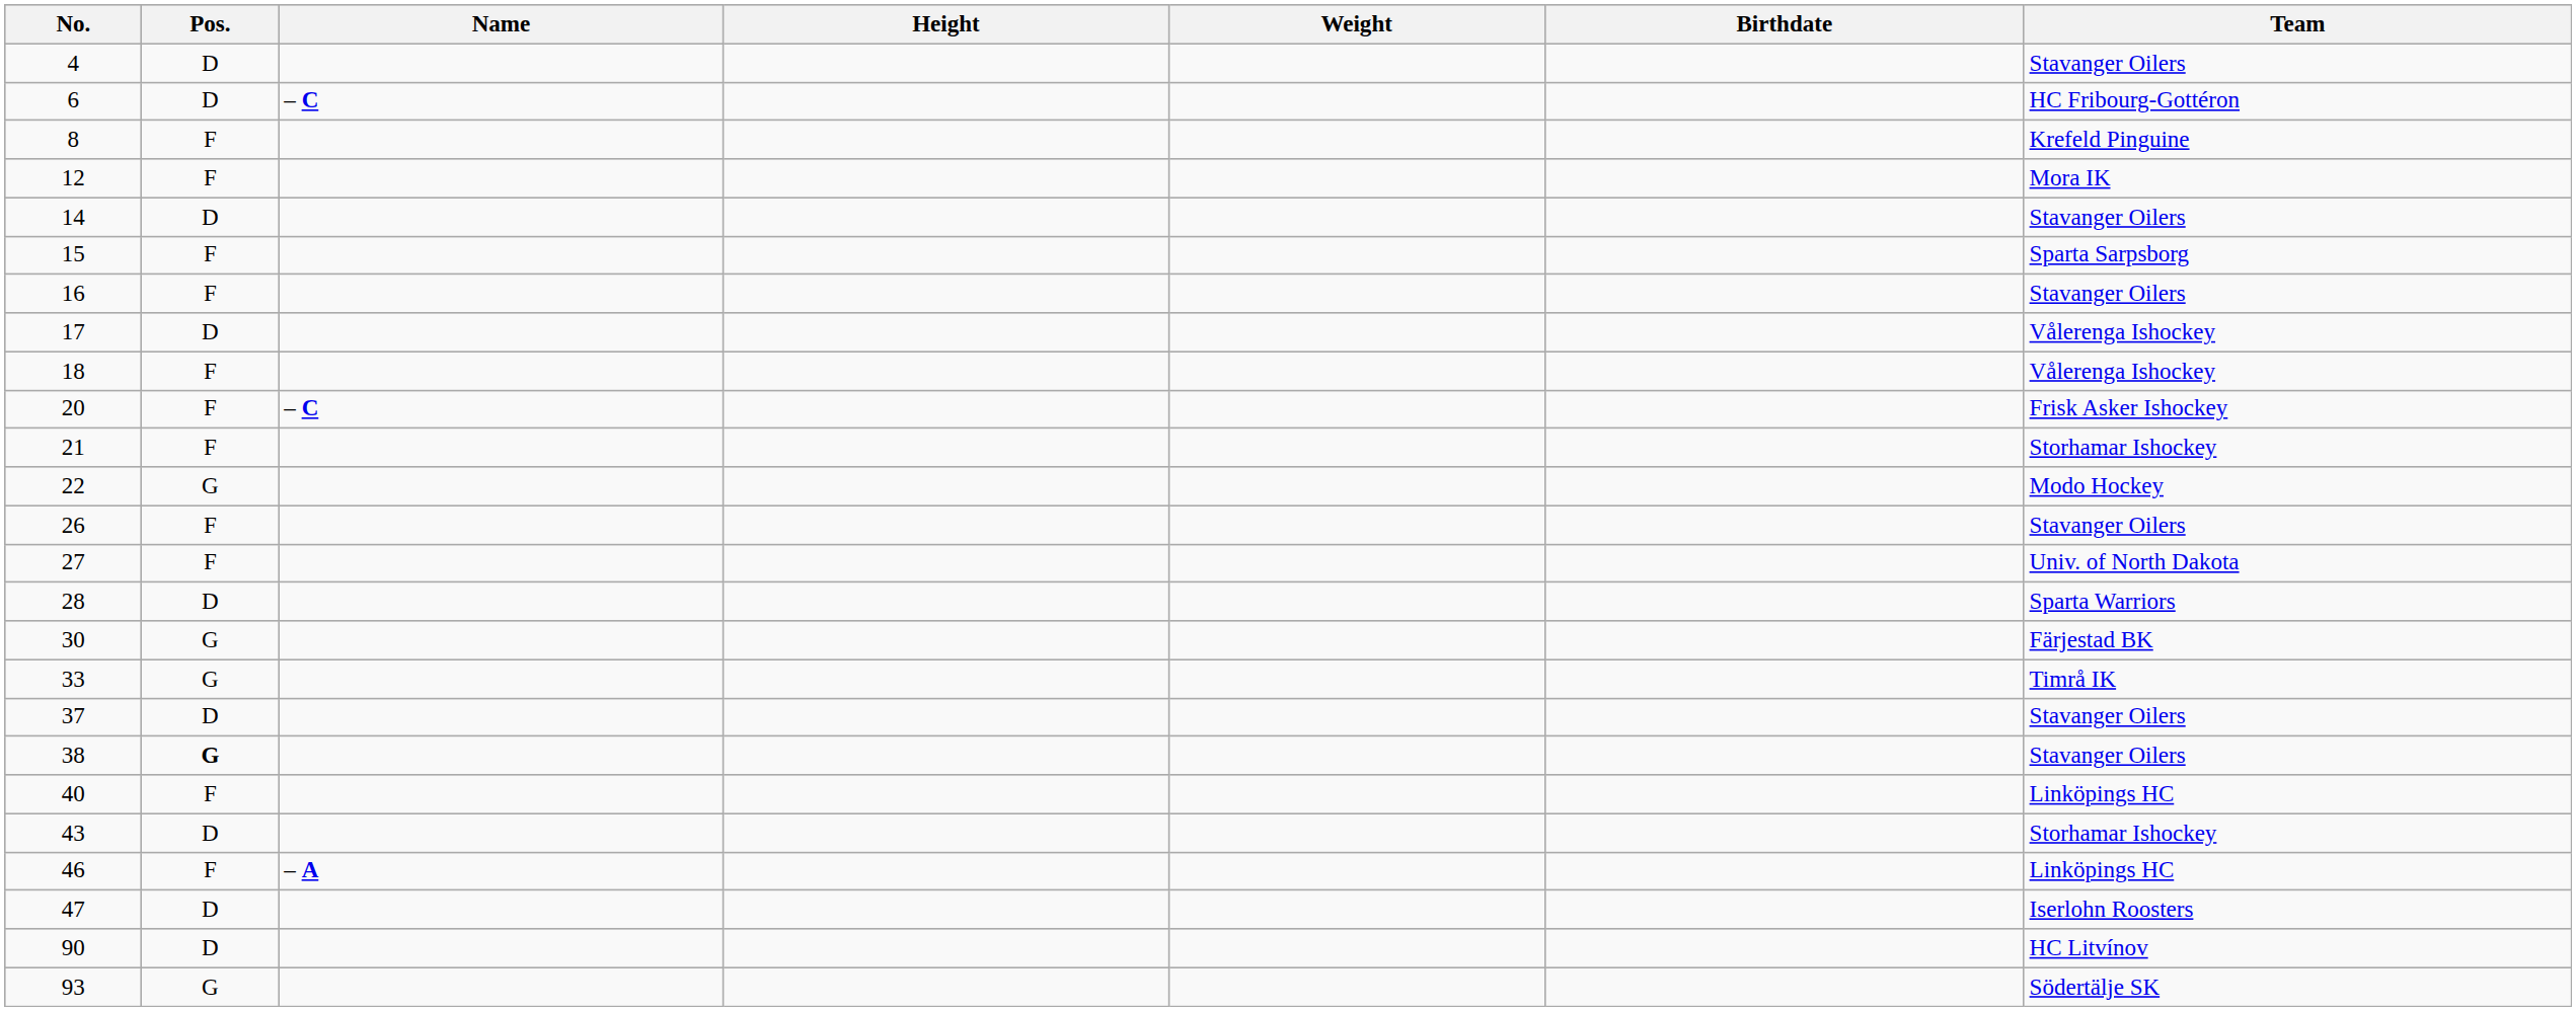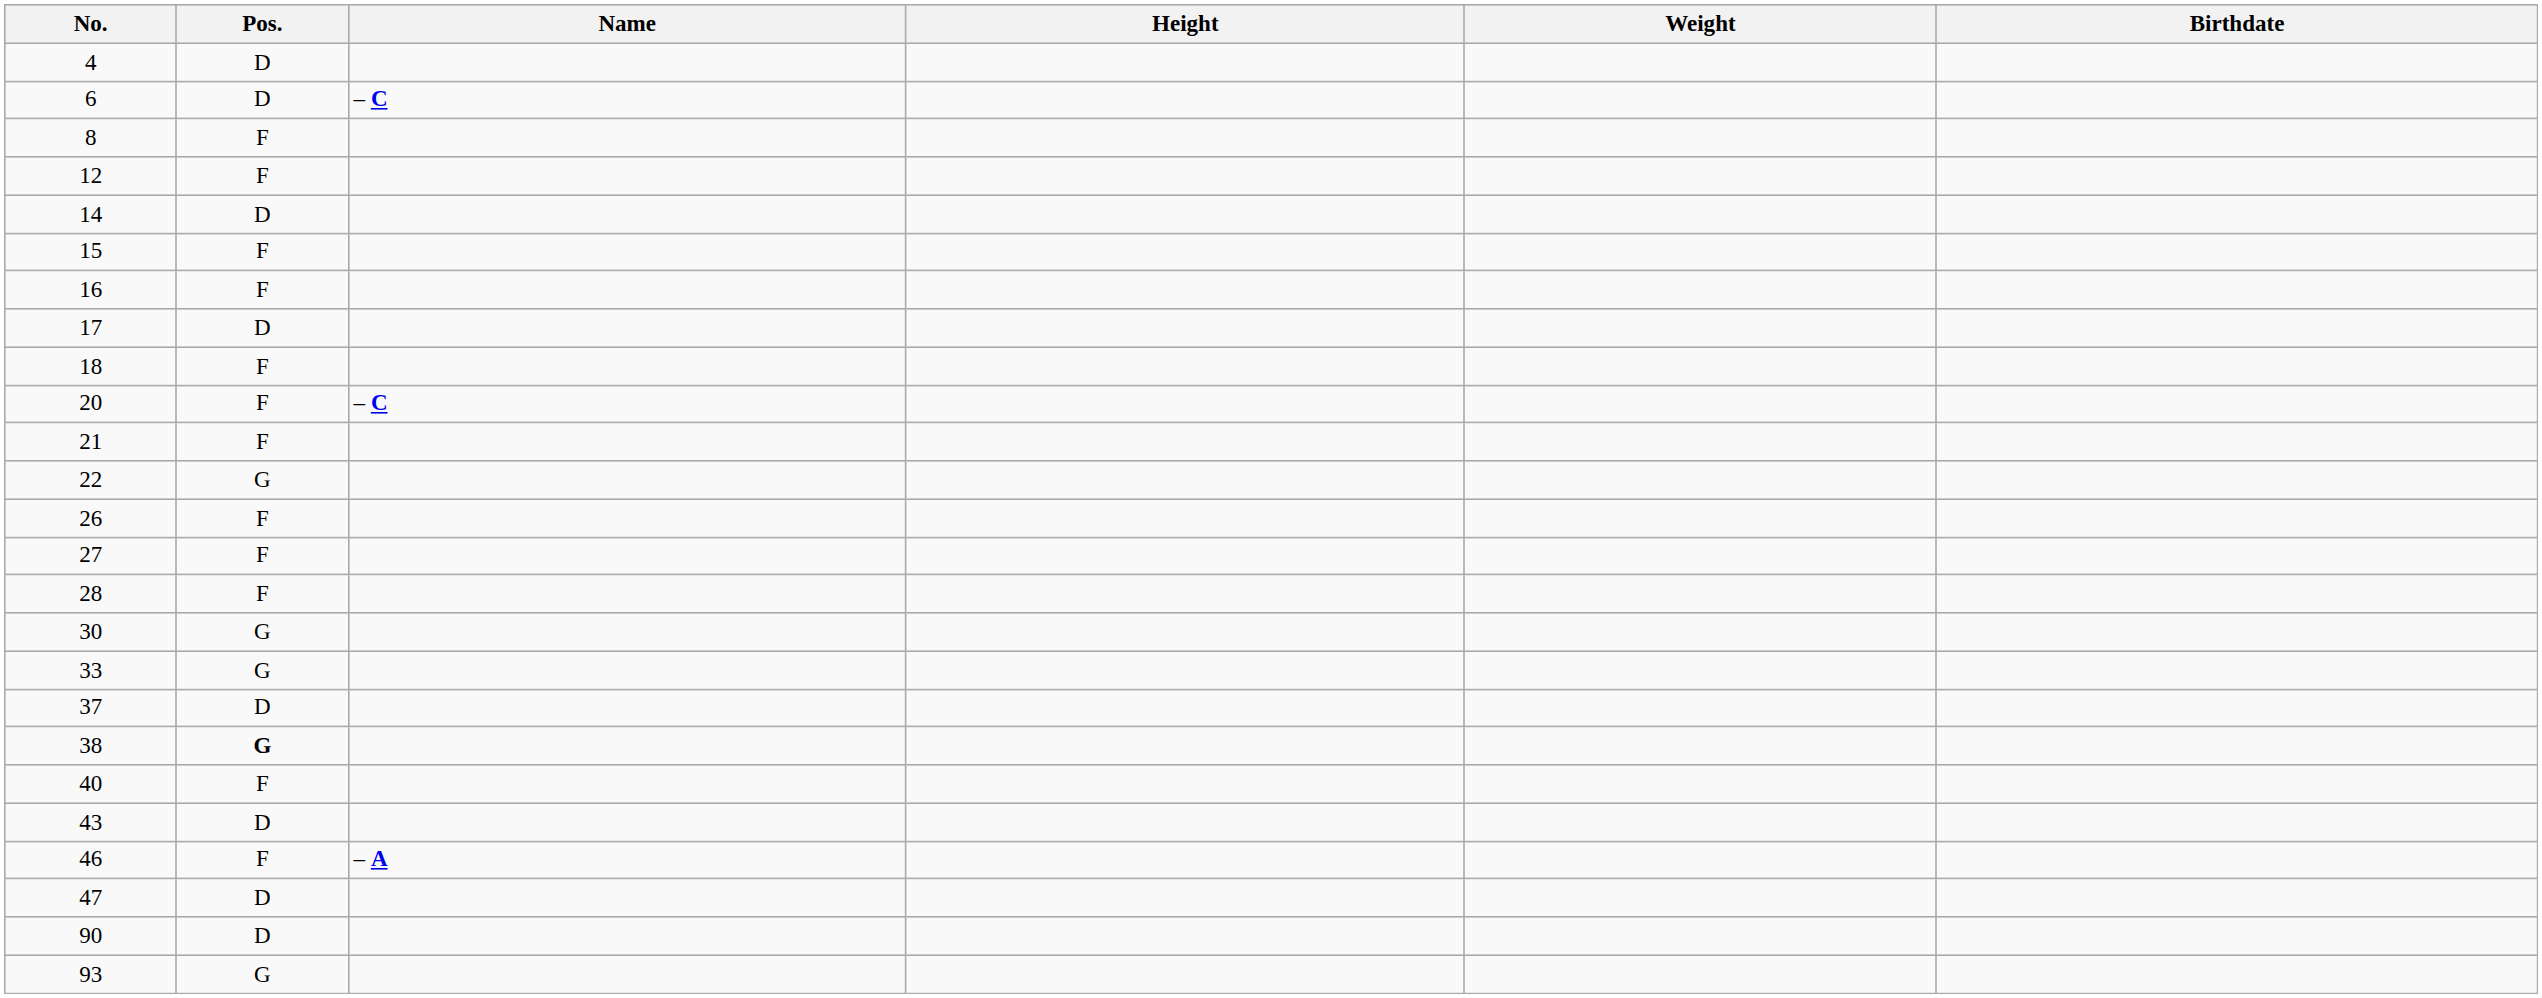 <table width="100%" class="wikitable sortable" style="font-size: 90%; text-align: center;">
 <tr>
 <th style="width:  4%;">No.</th>
 <th style="width:  4%;">Pos.</th>
 <th style="width: 13%;">Name</th>
 <th style="width: 13%;">Height</th>
 <th style="width: 11%;">Weight</th>
 <th style="width: 14%;">Birthdate</th>
-<th style="width: 16%;">Team</th>
 </tr>
 <tr>
 <td>4</td>
 <td>D</td>
 <td align=left></td>
 <td></td>
 <td></td>
 <td></td>
-<td style="text-align:left;"> <a href='#'>Stavanger Oilers</a></td>
 </tr>
 <tr>
 <td>6</td>
 <td>D</td>
 <td align=left> – <strong><a href='#'>C</a></strong></td>
 <td></td>
 <td></td>
 <td></td>
-<td style="text-align:left;"> <a href='#'>HC Fribourg-Gottéron</a></td>
 </tr>
 <tr>
 <td>8</td>
 <td>F</td>
 <td align=left></td>
 <td></td>
 <td></td>
 <td></td>
-<td style="text-align:left;"> <a href='#'>Krefeld Pinguine</a></td>
 </tr>
 <tr>
 <td>12</td>
 <td>F</td>
 <td align=left></td>
 <td></td>
 <td></td>
 <td></td>
-<td style="text-align:left;"> <a href='#'>Mora IK</a></td>
 </tr>
 <tr>
 <td>14</td>
 <td>D</td>
 <td align=left></td>
 <td></td>
 <td></td>
 <td></td>
-<td style="text-align:left;"> <a href='#'>Stavanger Oilers</a></td>
 </tr>
 <tr>
 <td>15</td>
 <td>F</td>
 <td align=left></td>
 <td></td>
 <td></td>
 <td></td>
-<td style="text-align:left;"> <a href='#'>Sparta Sarpsborg</a></td>
 </tr>
 <tr>
 <td>16</td>
 <td>F</td>
 <td align=left></td>
 <td></td>
 <td></td>
 <td></td>
-<td style="text-align:left;"> <a href='#'>Stavanger Oilers</a></td>
 </tr>
 <tr>
 <td>17</td>
 <td>D</td>
 <td align=left></td>
 <td></td>
 <td></td>
 <td></td>
-<td style="text-align:left;"> <a href='#'>Vålerenga Ishockey</a></td>
 </tr>
 <tr>
 <td>18</td>
 <td>F</td>
 <td align=left></td>
 <td></td>
 <td></td>
 <td></td>
-<td style="text-align:left;"> <a href='#'>Vålerenga Ishockey</a></td>
 </tr>
 <tr>
 <td>20</td>
 <td>F</td>
 <td align=left> – <strong><a href='#'>C</a></strong></td>
 <td></td>
 <td></td>
 <td></td>
-<td style="text-align:left;"> <a href='#'>Frisk Asker Ishockey</a></td>
 </tr>
 <tr>
 <td>21</td>
 <td>F</td>
 <td align=left></td>
 <td></td>
 <td></td>
 <td></td>
-<td style="text-align:left;"> <a href='#'>Storhamar Ishockey</a></td>
 </tr>
 <tr>
 <td>22</td>
 <td>G</td>
 <td align=left></td>
 <td></td>
 <td></td>
 <td></td>
-<td style="text-align:left;"> <a href='#'>Modo Hockey</a></td>
 </tr>
 <tr>
 <td>26</td>
 <td>F</td>
 <td align=left></td>
 <td></td>
 <td></td>
 <td></td>
-<td style="text-align:left;"> <a href='#'>Stavanger Oilers</a></td>
 </tr>
 <tr>
 <td>27</td>
 <td>F</td>
 <td align=left></td>
 <td></td>
 <td></td>
 <td></td>
-<td style="text-align:left;"> <a href='#'>Univ. of North Dakota</a></td>
 </tr>
 <tr>
 <td>28</td>
-<td>D</td>
+<td>F</td>
 <td align=left></td>
 <td></td>
 <td></td>
 <td></td>
-<td style="text-align:left;"> <a href='#'>Sparta Warriors</a></td>
 </tr>
 <tr>
 <td>30</td>
 <td>G</td>
 <td align=left></td>
 <td></td>
 <td></td>
 <td></td>
-<td style="text-align:left;"> <a href='#'>Färjestad BK</a></td>
 </tr>
 <tr>
 <td>33</td>
 <td>G</td>
 <td align=left></td>
 <td></td>
 <td></td>
 <td></td>
-<td style="text-align:left;"> <a href='#'>Timrå IK</a></td>
 </tr>
 <tr>
 <td>37</td>
 <td>D</td>
 <td align=left></td>
 <td></td>
 <td></td>
 <td></td>
-<td style="text-align:left;"> <a href='#'>Stavanger Oilers</a></td>
 </tr>
 <tr>
 <td>38</td>
 <td><strong>G</strong></td>
 <td align=left></td>
 <td></td>
 <td></td>
 <td></td>
-<td style="text-align:left;"> <a href='#'>Stavanger Oilers</a></td>
 </tr>
 <tr>
 <td>40</td>
 <td>F</td>
 <td align=left></td>
 <td></td>
 <td></td>
 <td></td>
-<td style="text-align:left;"> <a href='#'>Linköpings HC</a></td>
 </tr>
 <tr>
 <td>43</td>
 <td>D</td>
 <td align=left></td>
 <td></td>
 <td></td>
 <td></td>
-<td style="text-align:left;"> <a href='#'>Storhamar Ishockey</a></td>
 </tr>
 <tr>
 <td>46</td>
 <td>F</td>
 <td align=left> – <strong><a href='#'>A</a></strong></td>
 <td></td>
 <td></td>
 <td></td>
-<td style="text-align:left;"> <a href='#'>Linköpings HC</a></td>
 </tr>
 <tr>
 <td>47</td>
 <td>D</td>
 <td align=left></td>
 <td></td>
 <td></td>
 <td></td>
-<td style="text-align:left;"> <a href='#'>Iserlohn Roosters</a></td>
 </tr>
 <tr>
 <td>90</td>
 <td>D</td>
 <td align=left></td>
 <td></td>
 <td></td>
 <td></td>
-<td style="text-align:left;"> <a href='#'>HC Litvínov</a></td>
 </tr>
 <tr>
 <td>93</td>
 <td>G</td>
 <td align=left></td>
 <td></td>
 <td></td>
 <td></td>
-<td style="text-align:left;"> <a href='#'>Södertälje SK</a></td>
 </tr>
 </table>
